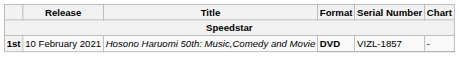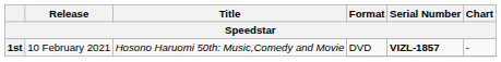 <table class="wikitable" style="font-size:small">
 <tr>
 <th></th>
 <th>Release</th>
 <th>Title</th>
 <th>Format</th>
 <th>Serial Number</th>
 <th>Chart</th>
 </tr>
 <tr>
 <th colspan="6">Speedstar</th>
 </tr>
 <tr>
 <th rowspan="2">1st</th>
 <td rowspan="2">10 February 2021</td>
 <td rowspan="2"><em>Hosono Haruomi 50th: Music,Comedy and Movie</em></td>
-<td><strong>DVD</strong></td>
-<td>VIZL-1857</td>
+<td>DVD</td>
+<td><strong>VIZL-1857</strong></td>
 <td>-</td>
 </tr>
 <tr>
 </tr>
 </table>
